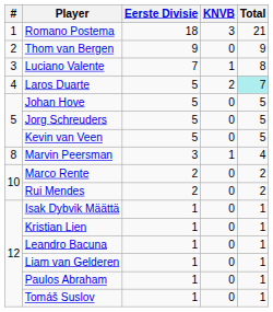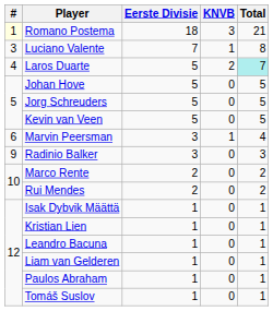 <table class="wikitable" style="text-align:right;">
 <tr>
 <th>#</th>
 <th>Player</th>
 <th><a href='#'>Eerste Divisie</a></th>
 <th><a href='#'>KNVB</a></th>
 <th>Total</th>
 </tr>
 <tr>
-<td align=center>1</td>
+<td align=center style="background: lightyellow;">1</td>
 <td align=left> <a href='#'>Romano Postema</a></td>
 <td>18</td>
 <td>3</td>
 <td>21</td>
-</tr>
-<tr>
-<td align=center>2</td>
-<td align=left> <a href='#'>Thom van Bergen</a></td>
-<td>9</td>
-<td>0</td>
-<td>9</td>
 </tr>
 <tr>
 <td align=center>3</td>
 <td align=left> <a href='#'>Luciano Valente</a></td>
 <td>7</td>
 <td>1</td>
 <td>8</td>
 </tr>
 <tr>
 <td align=center>4</td>
 <td align=left> <a href='#'>Laros Duarte</a></td>
 <td>5</td>
 <td>2</td>
 <td style="background: paleturquoise;">7</td>
 </tr>
 <tr>
 <td align=center rowspan=3>5</td>
 <td align=left> <a href='#'>Johan Hove</a></td>
 <td>5</td>
 <td>0</td>
 <td>5</td>
 </tr>
 <tr>
 <td align=left> <a href='#'>Jorg Schreuders</a></td>
 <td>5</td>
 <td>0</td>
 <td>5</td>
 </tr>
 <tr>
 <td align=left> <a href='#'>Kevin van Veen</a></td>
 <td>5</td>
 <td>0</td>
 <td>5</td>
 </tr>
 <tr>
-<td align=center>8</td>
+<td align=center>6</td>
 <td align=left> <a href='#'>Marvin Peersman</a></td>
 <td>3</td>
 <td>1</td>
 <td>4</td>
+</tr>
+<tr>
+<td align=center>9</td>
+<td align=left> <a href='#'>Radinio Balker</a></td>
+<td>3</td>
+<td>0</td>
+<td>3</td>
 </tr>
 <tr>
 <td align=center rowspan=2>10</td>
 <td align=left> <a href='#'>Marco Rente</a></td>
 <td>2</td>
 <td>0</td>
 <td>2</td>
 </tr>
 <tr>
 <td align=left> <a href='#'>Rui Mendes</a></td>
 <td>2</td>
 <td>0</td>
 <td>2</td>
 </tr>
 <tr>
 <td align=center rowspan=6>12</td>
 <td align=left> <a href='#'>Isak Dybvik Määttä</a></td>
 <td>1</td>
 <td>0</td>
 <td>1</td>
 </tr>
 <tr>
 <td align=left> <a href='#'>Kristian Lien</a></td>
 <td>1</td>
 <td>0</td>
 <td>1</td>
 </tr>
 <tr>
 <td align=left> <a href='#'>Leandro Bacuna</a></td>
 <td>1</td>
 <td>0</td>
 <td>1</td>
 </tr>
 <tr>
 <td align=left> <a href='#'>Liam van Gelderen</a></td>
 <td>1</td>
 <td>0</td>
 <td>1</td>
 </tr>
 <tr>
 <td align=left> <a href='#'>Paulos Abraham</a></td>
 <td>1</td>
 <td>0</td>
 <td>1</td>
 </tr>
 <tr>
 <td align=left> <a href='#'>Tomáš Suslov</a></td>
 <td>1</td>
 <td>0</td>
 <td>1</td>
 </tr>
 </table>
